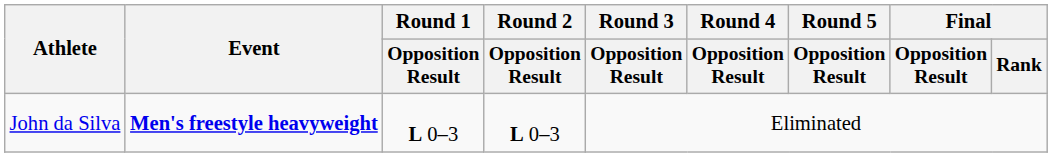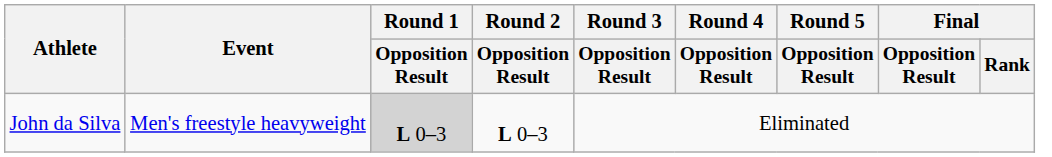 <table class="wikitable" style="font-size:90%;text-align:center;">
 <tr>
 <th rowspan=2>Athlete</th>
 <th rowspan=2>Event</th>
 <th>Round 1</th>
 <th>Round 2</th>
 <th>Round 3</th>
 <th>Round 4</th>
 <th>Round 5</th>
 <th colspan=2>Final</th>
 </tr>
 <tr style="font-size:95%">
 <th>Opposition<br>Result</th>
 <th>Opposition<br>Result</th>
 <th>Opposition<br>Result</th>
 <th>Opposition<br>Result</th>
 <th>Opposition<br>Result</th>
 <th>Opposition<br>Result</th>
 <th>Rank</th>
 </tr>
 <tr>
 <td style="text-align:left;"><a href='#'>John da Silva</a></td>
-<td style="text-align:left;"><strong><a href='#'>Men's freestyle heavyweight</a></strong></td>
-<td><br><strong>L</strong> 0–3</td>
+<td style="text-align:left;"><a href='#'>Men's freestyle heavyweight</a></td>
+<td style="background: lightgrey;"><br><strong>L</strong> 0–3</td>
 <td><br><strong>L</strong> 0–3</td>
 <td colspan=5>Eliminated</td>
 </tr>
 </table>
